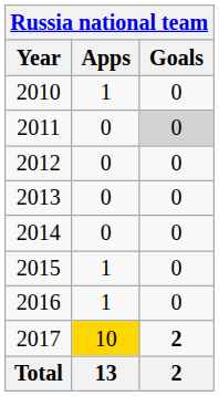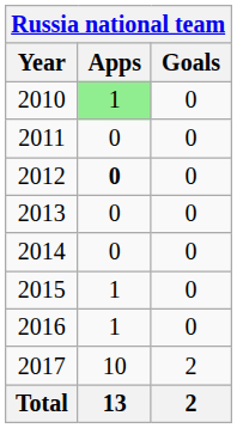 <table class="wikitable" style="text-align:center">
 <tr>
 <th colspan=3><a href='#'>Russia national team</a></th>
 </tr>
 <tr>
 <th>Year</th>
 <th>Apps</th>
 <th>Goals</th>
 </tr>
 <tr>
 <td>2010</td>
-<td>1</td>
+<td style="background: lightgreen;">1</td>
 <td>0</td>
 </tr>
 <tr>
 <td>2011</td>
 <td>0</td>
-<td style="background: lightgrey;">0</td>
+<td>0</td>
 </tr>
 <tr>
 <td>2012</td>
-<td>0</td>
+<td><strong>0</strong></td>
 <td>0</td>
 </tr>
 <tr>
 <td>2013</td>
 <td>0</td>
 <td>0</td>
 </tr>
 <tr>
 <td>2014</td>
 <td>0</td>
 <td>0</td>
 </tr>
 <tr>
 <td>2015</td>
 <td>1</td>
 <td>0</td>
 </tr>
 <tr>
 <td>2016</td>
 <td>1</td>
 <td>0</td>
 </tr>
 <tr>
 <td>2017</td>
-<td style="background: gold;">10</td>
-<td><strong>2</strong></td>
+<td>10</td>
+<td>2</td>
 </tr>
 <tr>
 <th>Total</th>
 <th>13</th>
 <th>2</th>
 </tr>
 </table>
